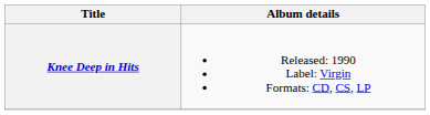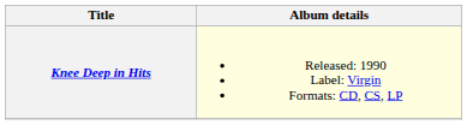 <table class="wikitable plainrowheaders" style="text-align:center;">
 <tr>
 <th scope="col" rowspan="1" style="width:14em;">Title</th>
 <th scope="col" rowspan="1" style="width:19.5em;">Album details</th>
 </tr>
 <tr>
 <th scope="row"><em><a href='#'>Knee Deep in Hits</a></em></th>
-<td><br><ul><li>Released: 1990</li><li>Label: <a href='#'>Virgin</a></li><li>Formats: <a href='#'>CD</a>, <a href='#'>CS</a>, <a href='#'>LP</a></li></ul></td>
+<td style="background: lightyellow;"><br><ul><li>Released: 1990</li><li>Label: <a href='#'>Virgin</a></li><li>Formats: <a href='#'>CD</a>, <a href='#'>CS</a>, <a href='#'>LP</a></li></ul></td>
 </tr>
 <tr>
 </tr>
 </table>
